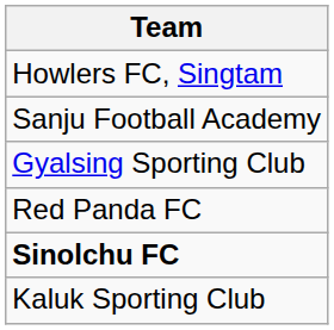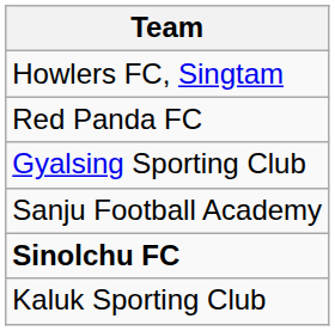 <table class="wikitable">
 <tr>
 <th>Team</th>
 </tr>
 <tr>
 <td>Howlers FC, <a href='#'>Singtam</a></td>
 </tr>
 <tr>
-<td>Sanju Football Academy</td>
+<td>Red Panda FC</td>
 </tr>
 <tr>
 <td><a href='#'>Gyalsing</a> Sporting Club</td>
 </tr>
 <tr>
-<td>Red Panda FC</td>
+<td>Sanju Football Academy</td>
 </tr>
 <tr>
 <td><strong>Sinolchu FC</strong></td>
 </tr>
 <tr>
 <td>Kaluk Sporting Club</td>
 </tr>
 </table>
